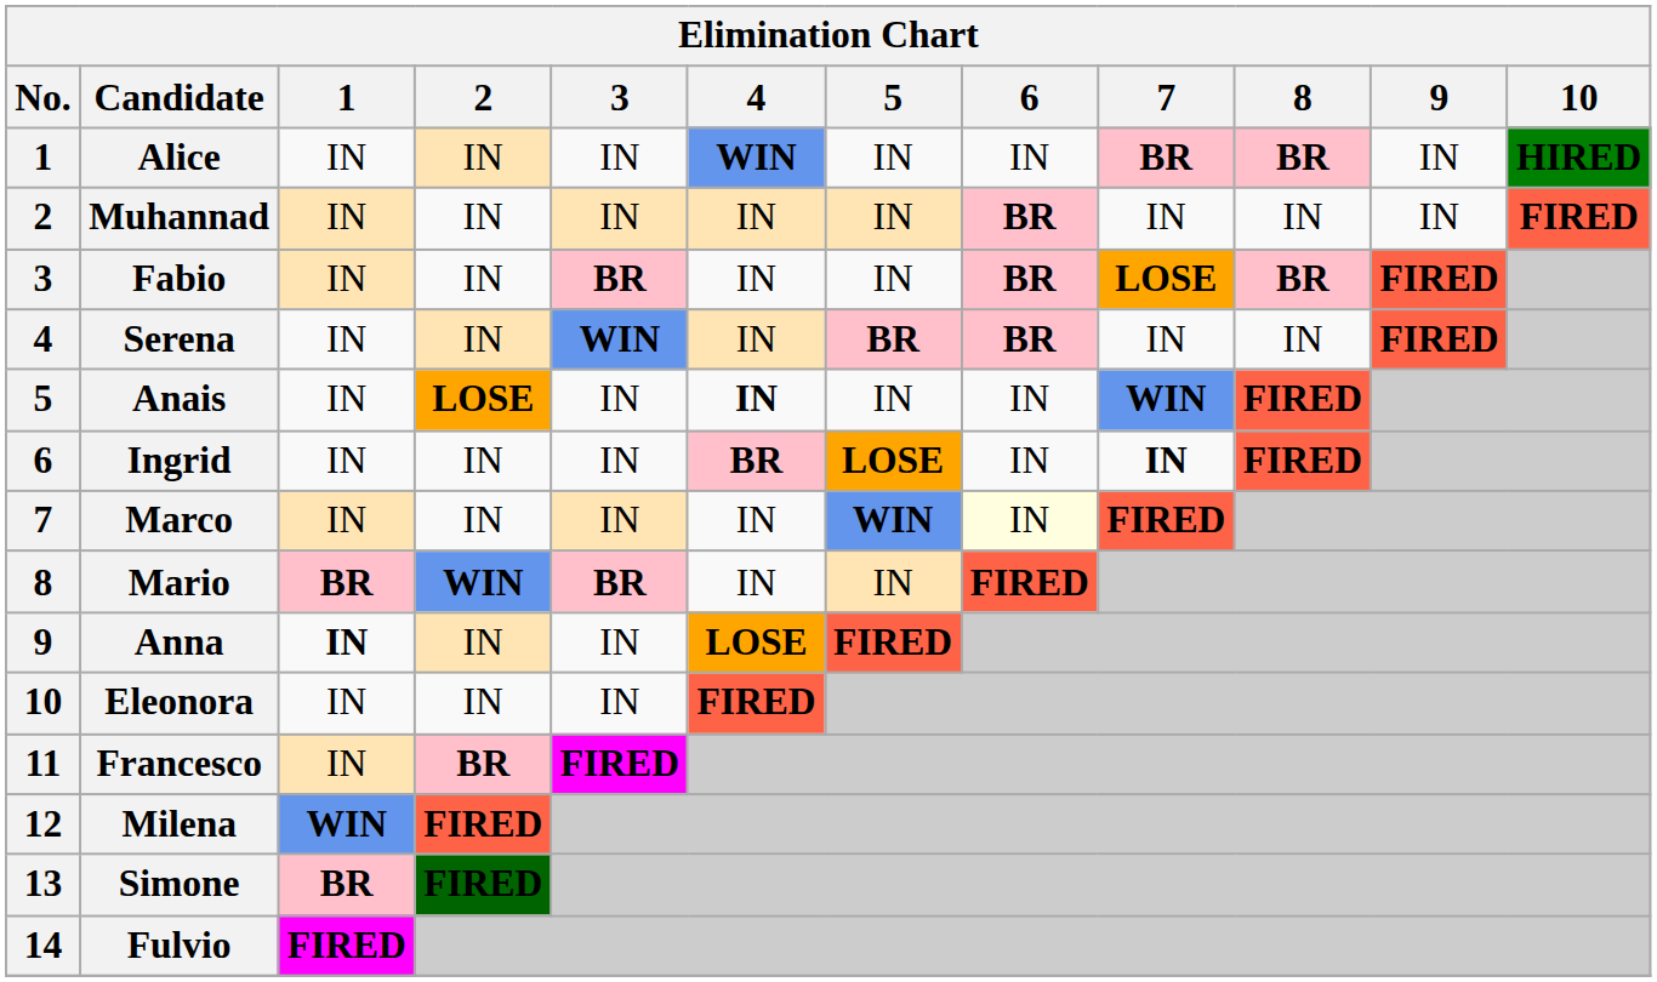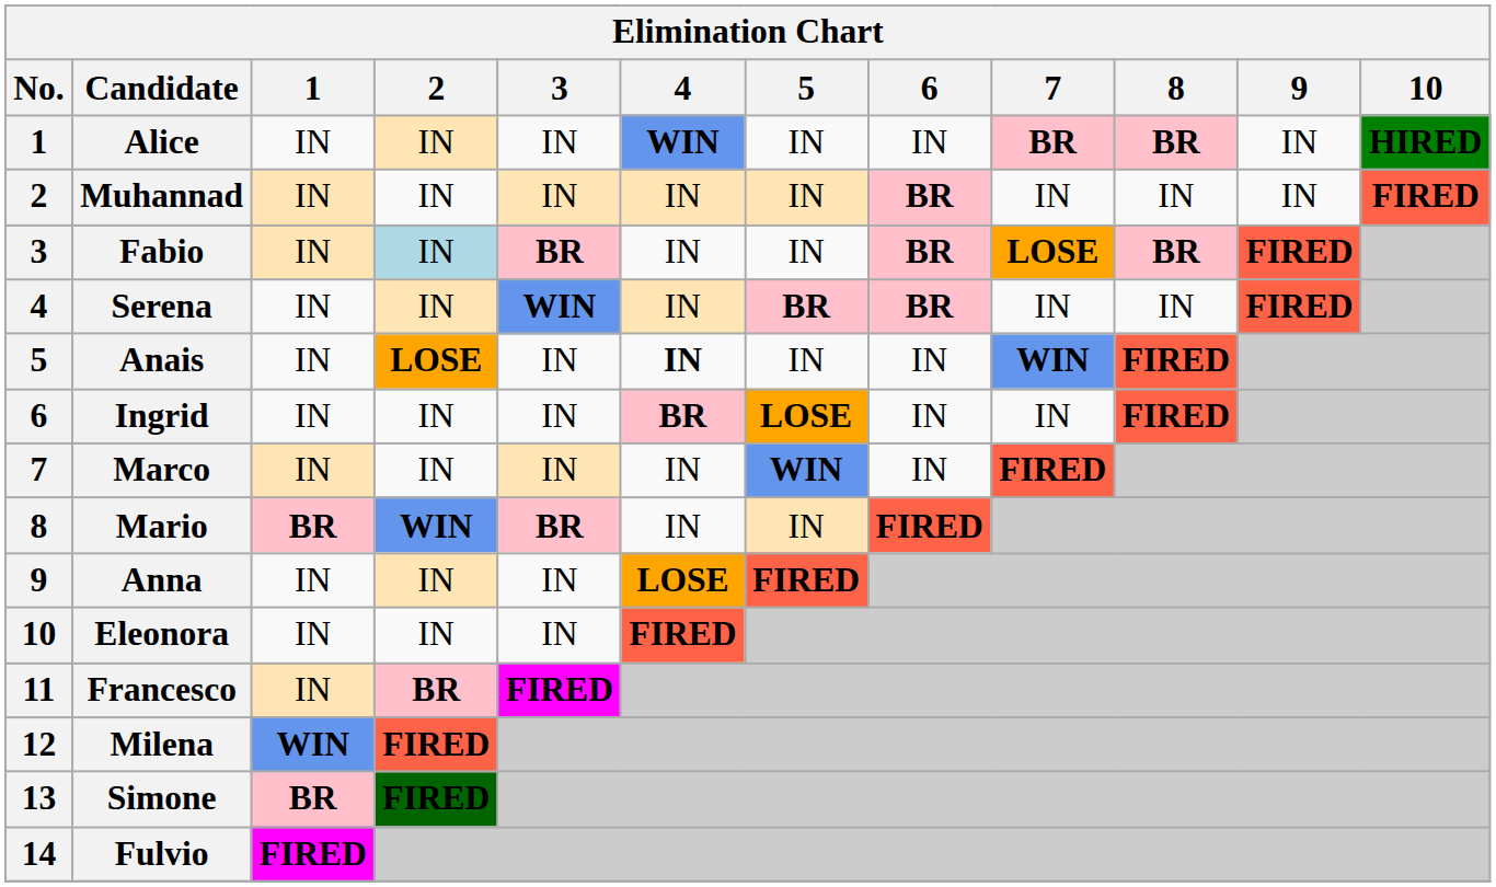 <table class="wikitable" style="text-align:center">
 <tr>
 <th colspan="14">Elimination Chart</th>
 </tr>
 <tr>
 <th>No.</th>
 <th>Candidate</th>
 <th>1</th>
 <th>2</th>
 <th>3</th>
 <th>4</th>
 <th>5</th>
 <th>6</th>
 <th>7</th>
 <th>8</th>
 <th>9</th>
 <th>10</th>
 </tr>
 <tr>
 <th>1</th>
 <th>Alice</th>
 <td>IN</td>
 <td bgcolor="#FFE5B4">IN</td>
 <td>IN</td>
 <td style="background:cornflowerblue;"><strong>WIN</strong></td>
 <td>IN</td>
 <td>IN</td>
 <td style="background:pink;"><strong>BR</strong></td>
 <td style="background:pink;"><strong>BR</strong></td>
 <td>IN</td>
 <td style="background:green;"><span><strong>HIRED</strong></span></td>
 </tr>
 <tr>
 <th>2</th>
 <th>Muhannad</th>
 <td bgcolor="#FFE5B4">IN</td>
 <td>IN</td>
 <td bgcolor="#FFE5B4">IN</td>
 <td bgcolor="#FFE5B4">IN</td>
 <td bgcolor="#FFE5B4">IN</td>
 <td style="background:pink;"><strong>BR</strong></td>
 <td>IN</td>
 <td>IN</td>
 <td>IN</td>
 <td style="background:tomato;"><strong>FIRED</strong></td>
 </tr>
 <tr>
 <th>3</th>
 <th>Fabio</th>
 <td bgcolor="#FFE5B4">IN</td>
-<td>IN</td>
+<td style="background: lightblue;">IN</td>
 <td style="background:pink;"><strong>BR</strong></td>
 <td>IN</td>
 <td>IN</td>
 <td style="background:pink;"><strong>BR</strong></td>
 <td style="background:orange;"><strong>LOSE</strong></td>
 <td style="background:pink;"><strong>BR</strong></td>
 <td style="background:tomato;"><strong>FIRED</strong></td>
 <td colspan="2" bgcolor="CCCCCC"></td>
 </tr>
 <tr>
 <th>4</th>
 <th>Serena</th>
 <td>IN</td>
 <td bgcolor="#FFE5B4">IN</td>
 <td style="background:cornflowerblue;"><strong>WIN</strong></td>
 <td bgcolor="#FFE5B4">IN</td>
 <td style="background:pink;"><strong>BR</strong></td>
 <td style="background:pink;"><strong>BR</strong></td>
 <td>IN</td>
 <td>IN</td>
 <td style="background:tomato;"><strong>FIRED</strong></td>
 <td colspan="2" bgcolor="CCCCCC"></td>
 </tr>
 <tr>
 <th>5</th>
 <th>Anais</th>
 <td>IN</td>
 <td style="background:orange;"><strong>LOSE</strong></td>
 <td>IN</td>
 <td><strong>IN</strong></td>
 <td>IN</td>
 <td>IN</td>
 <td style="background:cornflowerblue;"><strong>WIN</strong></td>
 <td style="background:tomato;"><strong>FIRED</strong></td>
 <td colspan="3" bgcolor="CCCCCC"></td>
 </tr>
 <tr>
 <th>6</th>
 <th>Ingrid</th>
 <td>IN</td>
 <td>IN</td>
 <td>IN</td>
 <td style="background:pink;"><strong>BR</strong></td>
 <td style="background:orange;"><strong>LOSE</strong></td>
 <td>IN</td>
-<td><strong>IN</strong></td>
+<td>IN</td>
 <td style="background:tomato;"><strong>FIRED</strong></td>
 <td colspan="3" bgcolor="CCCCCC"></td>
 </tr>
 <tr>
 <th>7</th>
 <th>Marco</th>
 <td bgcolor="#FFE5B4">IN</td>
 <td>IN</td>
 <td bgcolor="#FFE5B4">IN</td>
 <td>IN</td>
 <td style="background:cornflowerblue;"><strong>WIN</strong></td>
-<td style="background: lightyellow;">IN</td>
+<td>IN</td>
 <td style="background:tomato;"><strong>FIRED</strong></td>
 <td colspan="4" bgcolor="CCCCCC"></td>
 </tr>
 <tr>
 <th>8</th>
 <th>Mario</th>
 <td style="background:pink;"><strong>BR</strong></td>
 <td style="background:cornflowerblue;"><strong>WIN</strong></td>
 <td style="background:pink;"><strong>BR</strong></td>
 <td>IN</td>
 <td bgcolor="#FFE5B4">IN</td>
 <td style="background:tomato;"><strong>FIRED</strong></td>
 <td colspan="5" bgcolor="CCCCCC"></td>
 </tr>
 <tr>
 <th>9</th>
 <th>Anna</th>
-<td><strong>IN</strong></td>
+<td>IN</td>
 <td bgcolor="#FFE5B4">IN</td>
 <td>IN</td>
 <td style="background:orange;"><strong>LOSE</strong></td>
 <td style="background:tomato;"><strong>FIRED</strong></td>
 <td colspan="5" bgcolor="CCCCCC"></td>
 </tr>
 <tr>
 <th>10</th>
 <th>Eleonora</th>
 <td>IN</td>
 <td>IN</td>
 <td>IN</td>
 <td style="background:tomato;"><strong>FIRED</strong></td>
 <td colspan="6" bgcolor="CCCCCC"></td>
 </tr>
 <tr>
 <th>11</th>
 <th>Francesco</th>
 <td bgcolor="#FFE5B4">IN</td>
 <td style="background:pink;"><strong>BR</strong></td>
 <td style="background:magenta;"><strong>FIRED</strong></td>
 <td colspan="7" bgcolor="CCCCCC"></td>
 </tr>
 <tr>
 <th>12</th>
 <th>Milena</th>
 <td style="background:cornflowerblue;"><strong>WIN</strong></td>
 <td style="background:tomato;"><strong>FIRED</strong></td>
 <td colspan="8" bgcolor="CCCCCC"></td>
 </tr>
 <tr>
 <th>13</th>
 <th>Simone</th>
 <td style="background:pink;"><strong>BR</strong></td>
 <td style="background:darkgreen;"><strong>FIRED</strong></td>
 <td colspan="8" bgcolor="CCCCCC"></td>
 </tr>
 <tr>
 <th>14</th>
 <th>Fulvio</th>
 <td style="background:magenta;"><strong>FIRED</strong></td>
 <td colspan="9" bgcolor="CCCCCC"></td>
 </tr>
 <tr>
 </tr>
 </table>
